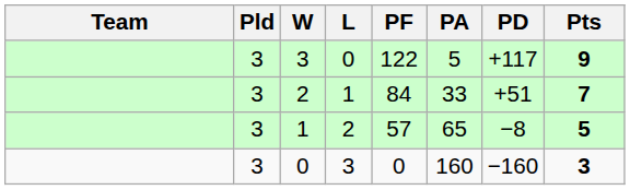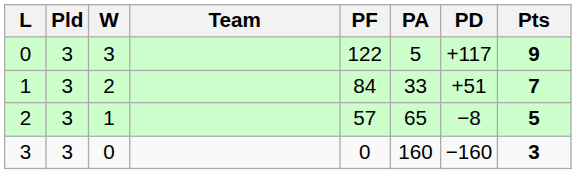 <table class="wikitable" style="text-align:center;">
 <tr>
-<th width="155">Team</th>
+<th width="25">L</th>
 <th width="25">Pld</th>
 <th width="25">W</th>
-<th width="25">L</th>
+<th width="155">Team</th>
 <th width="32">PF</th>
 <th width="32">PA</th>
 <th width="32">PD</th>
 <th width="50">Pts</th>
 </tr>
 <tr style="background:#ccffcc">
-<td align="left"></td>
+<td>0</td>
 <td>3</td>
 <td>3</td>
-<td>0</td>
+<td align="left"></td>
 <td>122</td>
 <td>5</td>
 <td>+117</td>
 <td><strong>9</strong></td>
 </tr>
 <tr style="background:#ccffcc">
-<td align="left"></td>
+<td>1</td>
 <td>3</td>
 <td>2</td>
-<td>1</td>
+<td align="left"></td>
 <td>84</td>
 <td>33</td>
 <td>+51</td>
 <td><strong>7</strong></td>
 </tr>
 <tr style="background:#ccffcc">
-<td align="left"></td>
+<td>2</td>
 <td>3</td>
 <td>1</td>
-<td>2</td>
+<td align="left"></td>
 <td>57</td>
 <td>65</td>
 <td>−8</td>
 <td><strong>5</strong></td>
 </tr>
 <tr>
-<td align="left"></td>
+<td>3</td>
 <td>3</td>
 <td>0</td>
-<td>3</td>
+<td align="left"></td>
 <td>0</td>
 <td>160</td>
 <td>−160</td>
 <td><strong>3</strong></td>
 </tr>
 </table>
